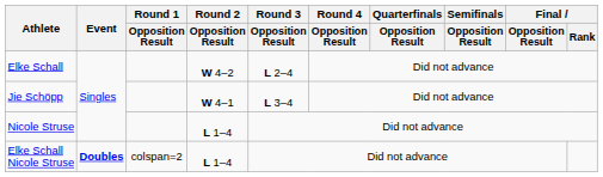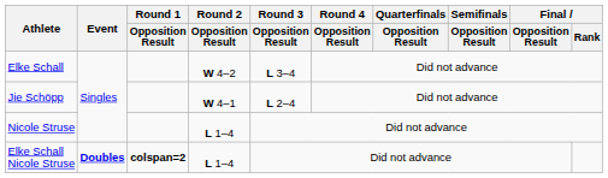 <table class="wikitable" style="font-size:90%">
 <tr>
 <th rowspan="2">Athlete</th>
 <th rowspan="2">Event</th>
 <th>Round 1</th>
 <th>Round 2</th>
 <th>Round 3</th>
 <th>Round 4</th>
 <th>Quarterfinals</th>
 <th>Semifinals</th>
 <th colspan=2>Final / </th>
 </tr>
 <tr style="font-size:95%">
 <th>Opposition<br>Result</th>
 <th>Opposition<br>Result</th>
 <th>Opposition<br>Result</th>
 <th>Opposition<br>Result</th>
 <th>Opposition<br>Result</th>
 <th>Opposition<br>Result</th>
 <th>Opposition<br>Result</th>
 <th>Rank</th>
 </tr>
 <tr align=center>
 <td align=left><a href='#'>Elke Schall</a></td>
 <td align=left rowspan=3><a href='#'>Singles</a></td>
 <td></td>
 <td><br><strong>W</strong> 4–2</td>
-<td><br><strong>L</strong> 2–4</td>
+<td><br><strong>L</strong> 3–4</td>
 <td colspan=5>Did not advance</td>
 </tr>
 <tr align=center>
 <td align=left><a href='#'>Jie Schöpp</a></td>
 <td></td>
 <td><br><strong>W</strong> 4–1</td>
-<td><br><strong>L</strong> 3–4</td>
+<td><br><strong>L</strong> 2–4</td>
 <td colspan=5>Did not advance</td>
 </tr>
 <tr align=center>
 <td align=left><a href='#'>Nicole Struse</a></td>
 <td></td>
 <td><br><strong>L</strong> 1–4</td>
 <td colspan=6>Did not advance</td>
 </tr>
 <tr align=center>
 <td align=left><a href='#'>Elke Schall</a><br><a href='#'>Nicole Struse</a></td>
 <td align=left><strong><a href='#'>Doubles</a></strong></td>
-<td>colspan=2 </td>
+<td><strong>colspan=2 </strong></td>
 <td><br><strong>L</strong> 1–4</td>
 <td colspan=5>Did not advance</td>
 </tr>
 </table>
